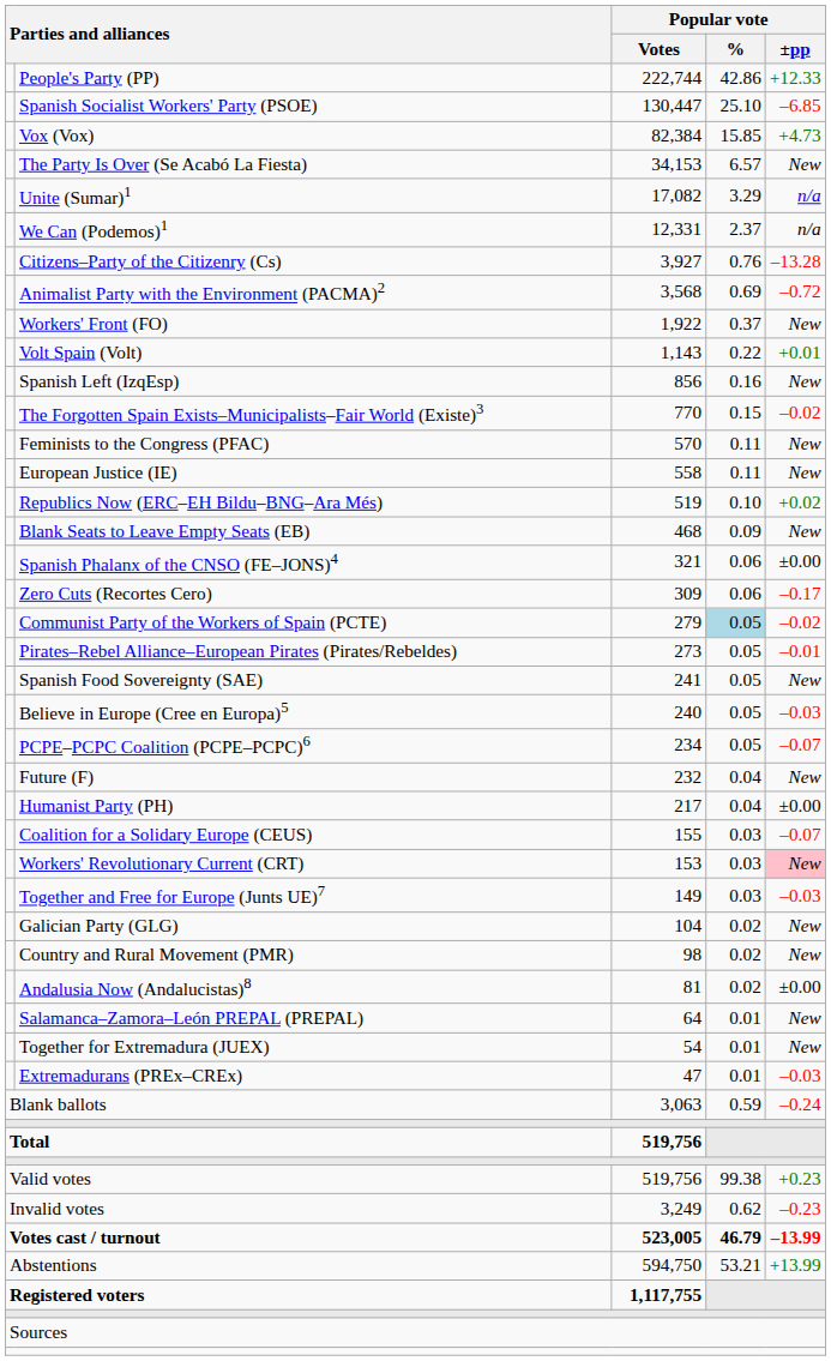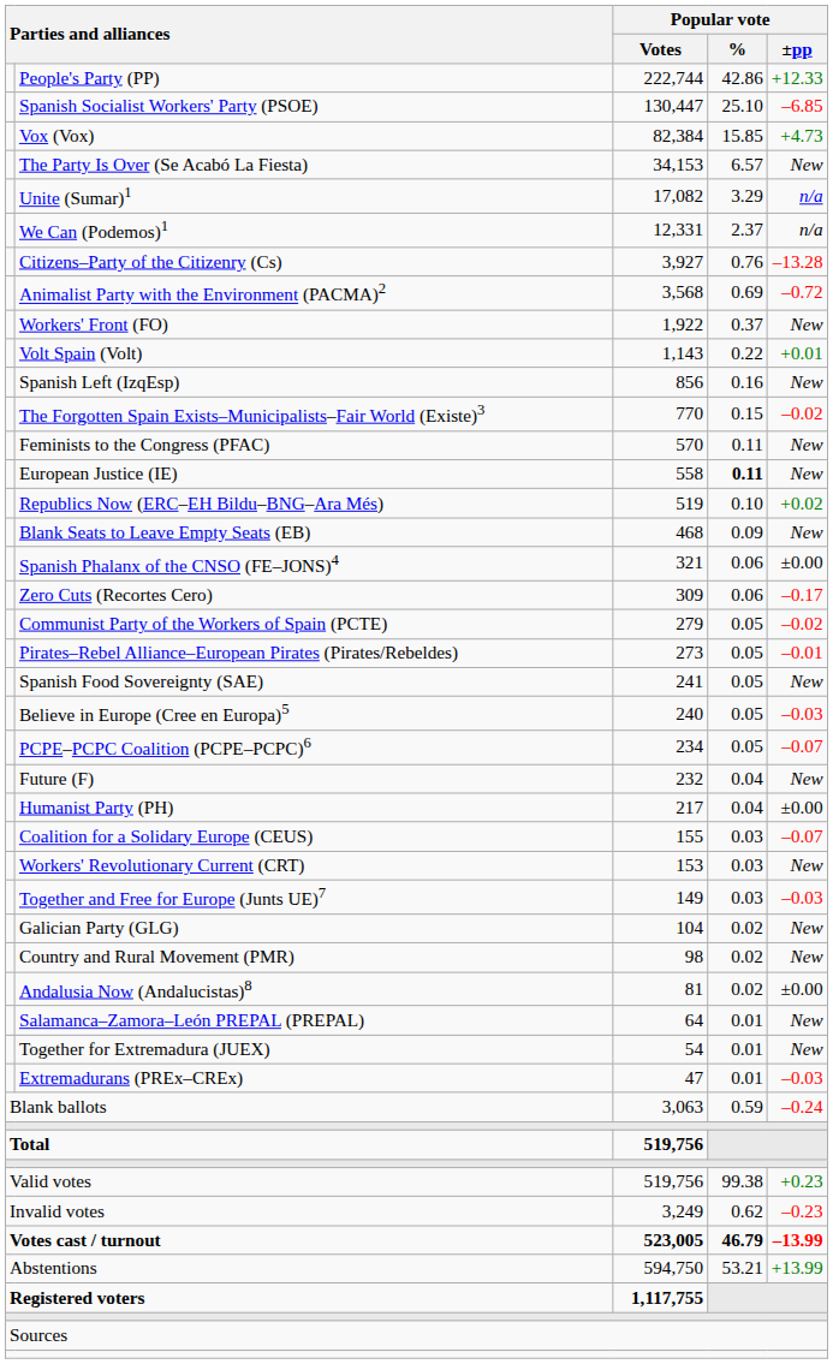 <table class="wikitable" style="text-align:right;">
 <tr>
 <th style="text-align:left;" rowspan="2" colspan="2" width="525">Parties and alliances</th>
 <th colspan="3">Popular vote</th>
 </tr>
 <tr bgcolor="#E9E9E9" align="center">
 <th width="75">Votes</th>
 <th width="45">%</th>
 <th width="45">±<a href='#'>pp</a></th>
 </tr>
 <tr>
 <td width="1" style="color:inherit;background:"></td>
 <td align="left"><a href='#'>People's Party</a> (PP)</td>
 <td>222,744</td>
 <td>42.86</td>
 <td style="color:green;">+12.33</td>
 </tr>
 <tr>
 <td style="color:inherit;background:"></td>
 <td align="left"><a href='#'>Spanish Socialist Workers' Party</a> (PSOE)</td>
 <td>130,447</td>
 <td>25.10</td>
 <td style="color:red;">–6.85</td>
 </tr>
 <tr>
 <td style="color:inherit;background:"></td>
 <td align="left"><a href='#'>Vox</a> (Vox)</td>
 <td>82,384</td>
 <td>15.85</td>
 <td style="color:green;">+4.73</td>
 </tr>
 <tr>
 <td style="color:inherit;background:"></td>
 <td align="left"><a href='#'>The Party Is Over</a> (Se Acabó La Fiesta)</td>
 <td>34,153</td>
 <td>6.57</td>
 <td><em>New</em></td>
 </tr>
 <tr>
 <td style="color:inherit;background:"></td>
 <td align="left"><a href='#'>Unite</a> (Sumar)<sup>1</sup></td>
 <td>17,082</td>
 <td>3.29</td>
 <td><em><a href='#'>n/a</a></em></td>
 </tr>
 <tr>
 <td style="color:inherit;background:"></td>
 <td align="left"><a href='#'>We Can</a> (Podemos)<sup>1</sup></td>
 <td>12,331</td>
 <td>2.37</td>
 <td><em>n/a</em></td>
 </tr>
 <tr>
 <td style="color:inherit;background:"></td>
 <td align="left"><a href='#'>Citizens–Party of the Citizenry</a> (Cs)</td>
 <td>3,927</td>
 <td>0.76</td>
 <td style="color:red;">–13.28</td>
 </tr>
 <tr>
 <td style="color:inherit;background:"></td>
 <td align="left"><a href='#'>Animalist Party with the Environment</a> (PACMA)<sup>2</sup></td>
 <td>3,568</td>
 <td>0.69</td>
 <td style="color:red;">–0.72</td>
 </tr>
 <tr>
 <td style="color:inherit;background:"></td>
 <td align="left"><a href='#'>Workers' Front</a> (FO)</td>
 <td>1,922</td>
 <td>0.37</td>
 <td><em>New</em></td>
 </tr>
 <tr>
 <td style="color:inherit;background:"></td>
 <td align="left"><a href='#'>Volt Spain</a> (Volt)</td>
 <td>1,143</td>
 <td>0.22</td>
 <td style="color:green;">+0.01</td>
 </tr>
 <tr>
 <td style="color:inherit;background:"></td>
 <td align="left">Spanish Left (IzqEsp)</td>
 <td>856</td>
 <td>0.16</td>
 <td><em>New</em></td>
 </tr>
 <tr>
 <td style="color:inherit;background:"></td>
 <td align="left"><a href='#'>The Forgotten Spain Exists–Municipalists</a>–<a href='#'>Fair World</a> (Existe)<sup>3</sup></td>
 <td>770</td>
 <td>0.15</td>
 <td style="color:red;">–0.02</td>
 </tr>
 <tr>
 <td style="color:inherit;background:"></td>
 <td align="left">Feminists to the Congress (PFAC)</td>
 <td>570</td>
 <td>0.11</td>
 <td><em>New</em></td>
 </tr>
 <tr>
 <td style="color:inherit;background:"></td>
 <td align="left">European Justice (IE)</td>
 <td>558</td>
-<td>0.11</td>
+<td><strong>0.11</strong></td>
 <td><em>New</em></td>
 </tr>
 <tr>
 <td style="color:inherit;background:"></td>
 <td align="left"><a href='#'>Republics Now</a> (<a href='#'>ERC</a>–<a href='#'>EH Bildu</a>–<a href='#'>BNG</a>–<a href='#'>Ara Més</a>)</td>
 <td>519</td>
 <td>0.10</td>
 <td style="color:green;">+0.02</td>
 </tr>
 <tr>
 <td style="color:inherit;background:"></td>
 <td align="left"><a href='#'>Blank Seats to Leave Empty Seats</a> (EB)</td>
 <td>468</td>
 <td>0.09</td>
 <td><em>New</em></td>
 </tr>
 <tr>
 <td style="color:inherit;background:"></td>
 <td align="left"><a href='#'>Spanish Phalanx of the CNSO</a> (FE–JONS)<sup>4</sup></td>
 <td>321</td>
 <td>0.06</td>
 <td>±0.00</td>
 </tr>
 <tr>
 <td style="color:inherit;background:"></td>
 <td align="left"><a href='#'>Zero Cuts</a> (Recortes Cero)</td>
 <td>309</td>
 <td>0.06</td>
 <td style="color:red;">–0.17</td>
 </tr>
 <tr>
 <td style="color:inherit;background:"></td>
 <td align="left"><a href='#'>Communist Party of the Workers of Spain</a> (PCTE)</td>
 <td>279</td>
-<td style="background: lightblue;">0.05</td>
+<td>0.05</td>
 <td style="color:red;">–0.02</td>
 </tr>
 <tr>
 <td style="color:inherit;background:"></td>
 <td align="left"><a href='#'>Pirates–Rebel Alliance–European Pirates</a> (Pirates/Rebeldes)</td>
 <td>273</td>
 <td>0.05</td>
 <td style="color:red;">–0.01</td>
 </tr>
 <tr>
 <td style="color:inherit;background:"></td>
 <td align="left">Spanish Food Sovereignty (SAE)</td>
 <td>241</td>
 <td>0.05</td>
 <td><em>New</em></td>
 </tr>
 <tr>
 <td style="color:inherit;background:"></td>
 <td align="left">Believe in Europe (Cree en Europa)<sup>5</sup></td>
 <td>240</td>
 <td>0.05</td>
 <td style="color:red;">–0.03</td>
 </tr>
 <tr>
 <td style="color:inherit;background:"></td>
 <td align="left"><a href='#'>PCPE</a>–<a href='#'>PCPC Coalition</a> (PCPE–PCPC)<sup>6</sup></td>
 <td>234</td>
 <td>0.05</td>
 <td style="color:red;">–0.07</td>
 </tr>
 <tr>
 <td style="color:inherit;background:"></td>
 <td align="left">Future (F)</td>
 <td>232</td>
 <td>0.04</td>
 <td><em>New</em></td>
 </tr>
 <tr>
 <td style="color:inherit;background:"></td>
 <td align="left"><a href='#'>Humanist Party</a> (PH)</td>
 <td>217</td>
 <td>0.04</td>
 <td>±0.00</td>
 </tr>
 <tr>
 <td style="color:inherit;background:"></td>
 <td align="left"><a href='#'>Coalition for a Solidary Europe</a> (CEUS)</td>
 <td>155</td>
 <td>0.03</td>
 <td style="color:red;">–0.07</td>
 </tr>
 <tr>
 <td style="color:inherit;background:"></td>
 <td align="left"><a href='#'>Workers' Revolutionary Current</a> (CRT)</td>
 <td>153</td>
 <td>0.03</td>
-<td style="background: pink;"><em>New</em></td>
+<td><em>New</em></td>
 </tr>
 <tr>
 <td style="color:inherit;background:"></td>
 <td align="left"><a href='#'>Together and Free for Europe</a> (Junts UE)<sup>7</sup></td>
 <td>149</td>
 <td>0.03</td>
 <td style="color:red;">–0.03</td>
 </tr>
 <tr>
 <td style="color:inherit;background:"></td>
 <td align="left">Galician Party (GLG)</td>
 <td>104</td>
 <td>0.02</td>
 <td><em>New</em></td>
 </tr>
 <tr>
 <td style="color:inherit;background:"></td>
 <td align="left">Country and Rural Movement (PMR)</td>
 <td>98</td>
 <td>0.02</td>
 <td><em>New</em></td>
 </tr>
 <tr>
 <td style="color:inherit;background:"></td>
 <td align="left"><a href='#'>Andalusia Now</a> (Andalucistas)<sup>8</sup></td>
 <td>81</td>
 <td>0.02</td>
 <td>±0.00</td>
 </tr>
 <tr>
 <td style="color:inherit;background:"></td>
 <td align="left"><a href='#'>Salamanca–Zamora–León PREPAL</a> (PREPAL)</td>
 <td>64</td>
 <td>0.01</td>
 <td><em>New</em></td>
 </tr>
 <tr>
 <td style="color:inherit;background:"></td>
 <td align="left">Together for Extremadura (JUEX)</td>
 <td>54</td>
 <td>0.01</td>
 <td><em>New</em></td>
 </tr>
 <tr>
 <td style="color:inherit;background:"></td>
 <td align="left"><a href='#'>Extremadurans</a> (PREx–CREx)</td>
 <td>47</td>
 <td>0.01</td>
 <td style="color:red;">–0.03</td>
 </tr>
 <tr>
 <td align="left" colspan="2">Blank ballots</td>
 <td>3,063</td>
 <td>0.59</td>
 <td style="color:red;">–0.24</td>
 </tr>
 <tr>
 <td colspan="5" bgcolor="#E9E9E9"></td>
 </tr>
 <tr style="font-weight:bold;">
 <td align="left" colspan="2">Total</td>
 <td>519,756</td>
 <td bgcolor="#E9E9E9" colspan="2"></td>
 </tr>
 <tr>
 <td colspan="5" bgcolor="#E9E9E9"></td>
 </tr>
 <tr>
 <td align="left" colspan="2">Valid votes</td>
 <td>519,756</td>
 <td>99.38</td>
 <td style="color:green;">+0.23</td>
 </tr>
 <tr>
 <td align="left" colspan="2">Invalid votes</td>
 <td>3,249</td>
 <td>0.62</td>
 <td style="color:red;">–0.23</td>
 </tr>
 <tr style="font-weight:bold;">
 <td align="left" colspan="2">Votes cast / turnout</td>
 <td>523,005</td>
 <td>46.79</td>
 <td style="color:red;">–13.99</td>
 </tr>
 <tr>
 <td align="left" colspan="2">Abstentions</td>
 <td>594,750</td>
 <td>53.21</td>
 <td style="color:green;">+13.99</td>
 </tr>
 <tr style="font-weight:bold;">
 <td align="left" colspan="2">Registered voters</td>
 <td>1,117,755</td>
 <td bgcolor="#E9E9E9" colspan="2"></td>
 </tr>
 <tr>
 <td colspan="5" bgcolor="#E9E9E9"></td>
 </tr>
 <tr>
 <td align="left" colspan="5">Sources</td>
 </tr>
 <tr>
 <td colspan="5" style="text-align:left; max-width:790px;"></td>
 </tr>
 </table>
